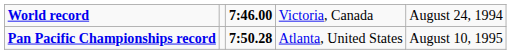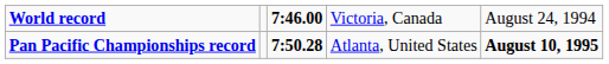 <table class="wikitable">
 <tr>
 <td><strong><a href='#'>World record</a></strong></td>
 <td></td>
 <td><strong>7:46.00</strong></td>
 <td><a href='#'>Victoria</a>, Canada</td>
 <td>August 24, 1994</td>
 </tr>
 <tr>
 <td><strong><a href='#'>Pan Pacific Championships record</a></strong></td>
 <td></td>
 <td><strong>7:50.28</strong></td>
 <td><a href='#'>Atlanta</a>, United States</td>
-<td>August 10, 1995</td>
+<td><strong>August 10, 1995</strong></td>
 </tr>
 </table>
